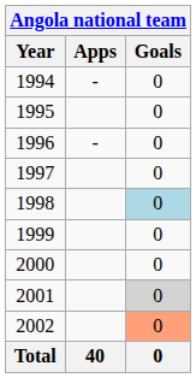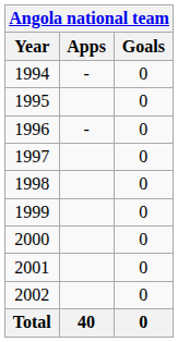 <table class="wikitable" style="text-align:center">
 <tr>
 <th colspan=3><a href='#'>Angola national team</a></th>
 </tr>
 <tr>
 <th>Year</th>
 <th>Apps</th>
 <th>Goals</th>
 </tr>
 <tr>
 </tr>
 <tr>
 <td>1994</td>
 <td>-</td>
 <td>0</td>
 </tr>
 <tr>
 <td>1995</td>
 <td></td>
 <td>0</td>
 </tr>
 <tr>
 <td>1996</td>
 <td>-</td>
 <td>0</td>
 </tr>
 <tr>
 <td>1997</td>
 <td></td>
 <td>0</td>
 </tr>
 <tr>
 <td>1998</td>
 <td></td>
-<td style="background: lightblue;">0</td>
+<td>0</td>
 </tr>
 <tr>
 <td>1999</td>
 <td></td>
 <td>0</td>
 </tr>
 <tr>
 <td>2000</td>
 <td></td>
 <td>0</td>
 </tr>
 <tr>
 <td>2001</td>
 <td></td>
-<td style="background: lightgrey;">0</td>
+<td>0</td>
 </tr>
 <tr>
 <td>2002</td>
 <td></td>
-<td style="background: lightsalmon;">0</td>
+<td>0</td>
 </tr>
 <tr>
 <th>Total</th>
 <th>40</th>
 <th>0</th>
 </tr>
 </table>
